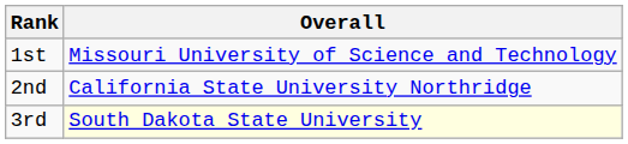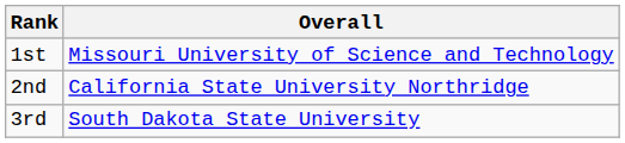 <table class="wikitable mw-collapsible">
 <tr>
 <th>Rank</th>
 <th>Overall</th>
 </tr>
 <tr>
 <td>1st</td>
 <td><a href='#'>Missouri University of Science and Technology</a></td>
 </tr>
 <tr>
 <td>2nd</td>
 <td><a href='#'>California State University Northridge</a></td>
 </tr>
 <tr>
 <td>3rd</td>
-<td style="background: lightyellow;"><a href='#'>South Dakota State University</a></td>
+<td><a href='#'>South Dakota State University</a></td>
 </tr>
 </table>
